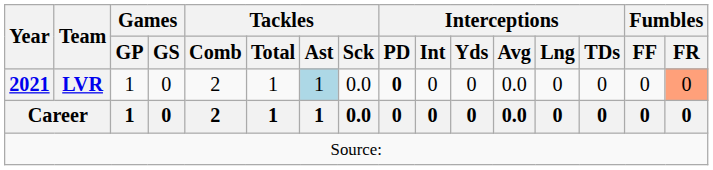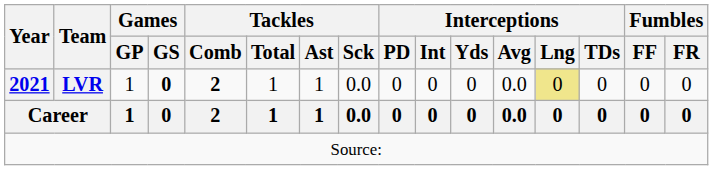 <table class="wikitable" style="text-align: center;">
 <tr>
 <th rowspan="2">Year</th>
 <th rowspan="2">Team</th>
 <th colspan="2">Games</th>
 <th colspan="4">Tackles</th>
 <th colspan="6">Interceptions</th>
 <th colspan="2">Fumbles</th>
 </tr>
 <tr>
 <th>GP</th>
 <th>GS</th>
 <th>Comb</th>
 <th>Total</th>
 <th>Ast</th>
 <th>Sck</th>
 <th>PD</th>
 <th>Int</th>
 <th>Yds</th>
 <th>Avg</th>
 <th>Lng</th>
 <th>TDs</th>
 <th>FF</th>
 <th>FR</th>
 </tr>
 <tr>
 <th><a href='#'>2021</a></th>
 <th><a href='#'>LVR</a></th>
 <td>1</td>
-<td>0</td>
-<td>2</td>
+<td><strong>0</strong></td>
+<td><strong>2</strong></td>
 <td>1</td>
-<td style="background: lightblue;">1</td>
-<td>0.0</td>
-<td><strong>0</strong></td>
-<td>0</td>
-<td>0</td>
+<td>1</td>
 <td>0.0</td>
 <td>0</td>
 <td>0</td>
 <td>0</td>
-<td style="background: lightsalmon;">0</td>
+<td>0.0</td>
+<td style="background: khaki;">0</td>
+<td>0</td>
+<td>0</td>
+<td>0</td>
 </tr>
 <tr>
 <th colspan="2">Career</th>
 <th>1</th>
 <th>0</th>
 <th>2</th>
 <th>1</th>
 <th>1</th>
 <th>0.0</th>
 <th>0</th>
 <th>0</th>
 <th>0</th>
 <th>0.0</th>
 <th>0</th>
 <th>0</th>
 <th>0</th>
 <th>0</th>
 </tr>
 <tr>
 <td colspan="18"><small>Source: </small></td>
 </tr>
 </table>
